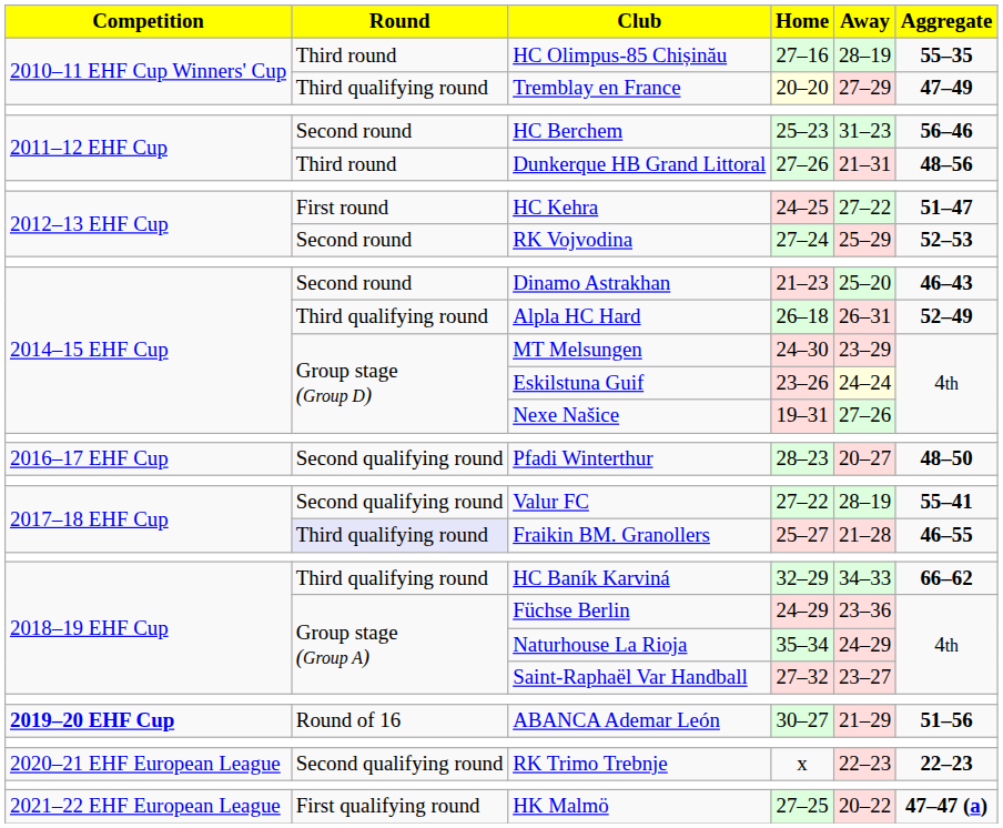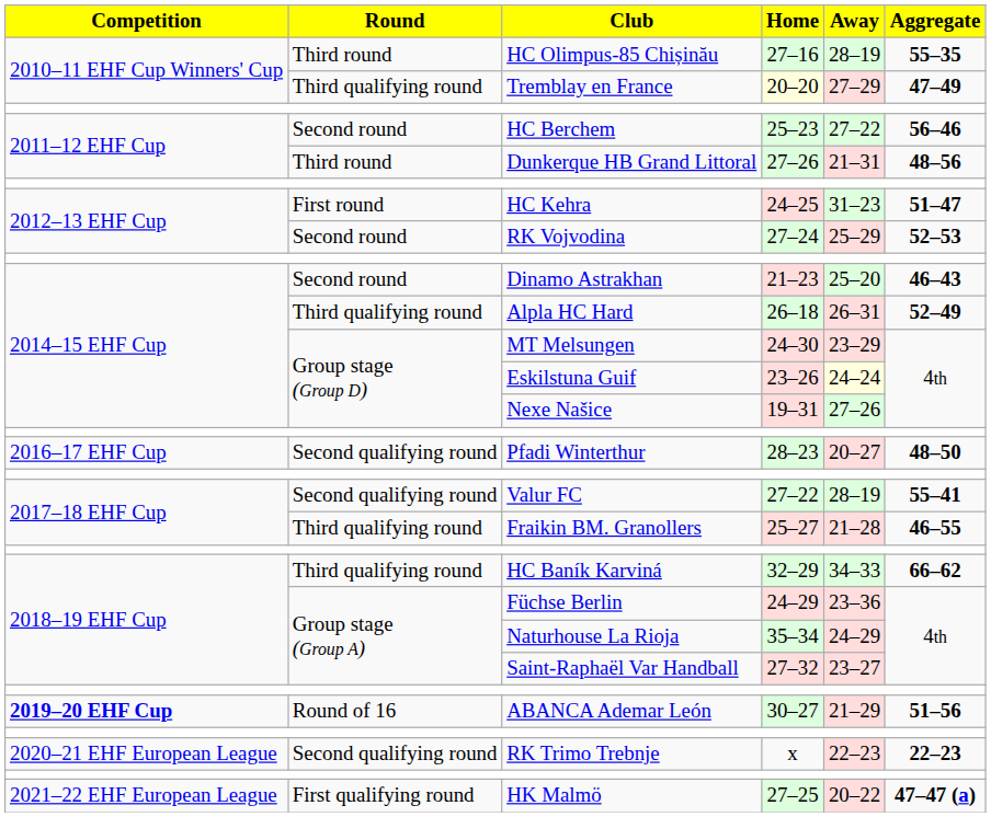 <table class="wikitable collapsible collapsed" align=center>
 <tr>
 <th style="color:black; background:yellow">Competition</th>
 <th style="color:black; background:yellow">Round</th>
 <th style="color:black; background:yellow">Club</th>
 <th style="color:black; background:yellow">Home</th>
 <th style="color:black; background:yellow">Away</th>
 <th style="color:black; background:yellow">Aggregate</th>
 </tr>
 <tr>
 <td rowspan=2><a href='#'>2010–11 EHF Cup Winners' Cup</a></td>
 <td>Third round</td>
 <td> <a href='#'>HC Olimpus-85 Chișinău</a></td>
 <td style="text-align:center; background:#dfd;">27–16</td>
 <td style="text-align:center; background:#dfd;">28–19</td>
 <td style="text-align:center;"><strong>55–35</strong></td>
 </tr>
 <tr>
 <td>Third qualifying round</td>
 <td> <a href='#'>Tremblay en France</a></td>
 <td style="text-align:center; background:#ffd;">20–20</td>
 <td style="text-align:center; background:#fdd;">27–29</td>
 <td style="text-align:center;"><strong>47–49</strong></td>
 </tr>
 <tr>
 <td colspan="7"  style="text-align:center; background:white;"></td>
 </tr>
 <tr>
 <td rowspan=2><a href='#'>2011–12 EHF Cup</a></td>
 <td>Second round</td>
 <td> <a href='#'>HC Berchem</a></td>
 <td style="text-align:center; background:#dfd;">25–23</td>
-<td style="text-align:center; background:#dfd;">31–23</td>
+<td style="text-align:center; background:#dfd;">27–22</td>
 <td style="text-align:center;"><strong>56–46</strong></td>
 </tr>
 <tr>
 <td>Third round</td>
 <td> <a href='#'>Dunkerque HB Grand Littoral</a></td>
 <td style="text-align:center; background:#dfd;">27–26</td>
 <td style="text-align:center; background:#fdd;">21–31</td>
 <td style="text-align:center;"><strong>48–56</strong></td>
 </tr>
 <tr>
 <td colspan="7"  style="text-align:center; background:white;"></td>
 </tr>
 <tr>
 <td rowspan=2><a href='#'>2012–13 EHF Cup</a></td>
 <td>First round</td>
 <td> <a href='#'>HC Kehra</a></td>
 <td style="text-align:center; background:#fdd;">24–25</td>
-<td style="text-align:center; background:#dfd;">27–22</td>
+<td style="text-align:center; background:#dfd;">31–23</td>
 <td style="text-align:center;"><strong>51–47</strong></td>
 </tr>
 <tr>
 <td>Second round</td>
 <td> <a href='#'>RK Vojvodina</a></td>
 <td style="text-align:center; background:#dfd;">27–24</td>
 <td style="text-align:center; background:#fdd;">25–29</td>
 <td style="text-align:center;"><strong>52–53</strong></td>
 </tr>
 <tr>
 <td colspan="7"  style="text-align:center; background:white;"></td>
 </tr>
 <tr>
 <td rowspan=5><a href='#'>2014–15 EHF Cup</a></td>
 <td>Second round</td>
 <td> <a href='#'>Dinamo Astrakhan</a></td>
 <td style="text-align:center; background:#fdd;">21–23</td>
 <td style="text-align:center; background:#dfd;">25–20</td>
 <td style="text-align:center;"><strong>46–43</strong></td>
 </tr>
 <tr>
 <td>Third qualifying round</td>
 <td> <a href='#'>Alpla HC Hard</a></td>
 <td style="text-align:center; background:#dfd;">26–18</td>
 <td style="text-align:center; background:#fdd;">26–31</td>
 <td style="text-align:center;"><strong>52–49</strong></td>
 </tr>
 <tr>
 <td rowspan=3>Group stage<br><em>(<small>Group D</small>)</em></td>
 <td> <a href='#'>MT Melsungen</a></td>
 <td style="text-align:center; background:#fdd;">24–30</td>
 <td style="text-align:center; background:#fdd;">23–29</td>
 <td align=center rowspan=3>4<small>th</small></td>
 </tr>
 <tr>
 <td> <a href='#'>Eskilstuna Guif</a></td>
 <td style="text-align:center; background:#fdd;">23–26</td>
 <td style="text-align:center; background:#ffd;">24–24</td>
 </tr>
 <tr>
 <td> <a href='#'>Nexe Našice</a></td>
 <td style="text-align:center; background:#fdd;">19–31</td>
 <td style="text-align:center; background:#dfd;">27–26</td>
 </tr>
 <tr>
 <td colspan="7"  style="text-align:center; background:white;"></td>
 </tr>
 <tr>
 <td rowspan=1><a href='#'>2016–17 EHF Cup</a></td>
 <td>Second qualifying round</td>
 <td> <a href='#'>Pfadi Winterthur</a></td>
 <td style="text-align:center; background:#dfd;">28–23</td>
 <td style="text-align:center; background:#fdd;">20–27</td>
 <td style="text-align:center;"><strong>48–50</strong></td>
 </tr>
 <tr>
 <td colspan="7"  style="text-align:center; background:white;"></td>
 </tr>
 <tr>
 <td rowspan=2><a href='#'>2017–18 EHF Cup</a></td>
 <td>Second qualifying round</td>
 <td> <a href='#'>Valur FC</a></td>
 <td style="text-align:center; background:#dfd;">27–22</td>
 <td style="text-align:center; background:#dfd;">28–19</td>
 <td style="text-align:center;"><strong>55–41</strong></td>
 </tr>
 <tr>
-<td style="background: lavender;">Third qualifying round</td>
+<td>Third qualifying round</td>
 <td> <a href='#'>Fraikin BM. Granollers</a></td>
 <td style="text-align:center; background:#fdd;">25–27</td>
 <td style="text-align:center; background:#fdd;">21–28</td>
 <td style="text-align:center;"><strong>46–55</strong></td>
 </tr>
 <tr>
 <td colspan="7"  style="text-align:center; background:white;"></td>
 </tr>
 <tr>
 <td rowspan=4><a href='#'>2018–19 EHF Cup</a></td>
 <td>Third qualifying round</td>
 <td> <a href='#'>HC Baník Karviná</a></td>
 <td style="text-align:center; background:#dfd;">32–29</td>
 <td style="text-align:center; background:#dfd;">34–33</td>
 <td style="text-align:center;"><strong>66–62</strong></td>
 </tr>
 <tr>
 <td rowspan=3>Group stage<br><em>(<small>Group A</small>)</em></td>
 <td> <a href='#'>Füchse Berlin</a></td>
 <td style="text-align:center; background:#fdd;">24–29</td>
 <td style="text-align:center; background:#fdd;">23–36</td>
 <td align=center rowspan=3>4<small>th</small></td>
 </tr>
 <tr>
 <td> <a href='#'>Naturhouse La Rioja</a></td>
 <td style="text-align:center; background:#dfd;">35–34</td>
 <td style="text-align:center; background:#fdd;">24–29</td>
 </tr>
 <tr>
 <td> <a href='#'>Saint-Raphaël Var Handball</a></td>
 <td style="text-align:center; background:#fdd;">27–32</td>
 <td style="text-align:center; background:#fdd;">23–27</td>
 </tr>
 <tr>
 <td colspan="7"  style="text-align:center; background:white;"></td>
 </tr>
 <tr>
 <td rowspan=1><strong><a href='#'>2019–20 EHF Cup</a></strong></td>
 <td>Round of 16</td>
 <td> <a href='#'>ABANCA Ademar León</a></td>
 <td style="text-align:center; background:#dfd;">30–27</td>
 <td style="text-align:center; background:#fdd;">21–29</td>
 <td style="text-align:center;"><strong>51–56</strong></td>
 </tr>
 <tr>
 <td colspan="7"  style="text-align:center; background:white;"></td>
 </tr>
 <tr>
 <td rowspan=1><a href='#'>2020–21 EHF European League</a></td>
 <td>Second qualifying round</td>
 <td> <a href='#'>RK Trimo Trebnje</a></td>
 <td style="text-align:center;">x</td>
 <td style="text-align:center; background:#fdd;">22–23</td>
 <td style="text-align:center;"><strong>22–23</strong></td>
 </tr>
 <tr>
 <td colspan="7"  style="text-align:center; background:white;"></td>
 </tr>
 <tr>
 <td rowspan=1><a href='#'>2021–22 EHF European League</a></td>
 <td>First qualifying round</td>
 <td> <a href='#'>HK Malmö</a></td>
 <td style="text-align:center; background:#dfd;">27–25</td>
 <td style="text-align:center; background:#fdd;">20–22</td>
 <td style="text-align:center;"><strong>47–47 (<a href='#'>a</a>)</strong></td>
 </tr>
 </table>
